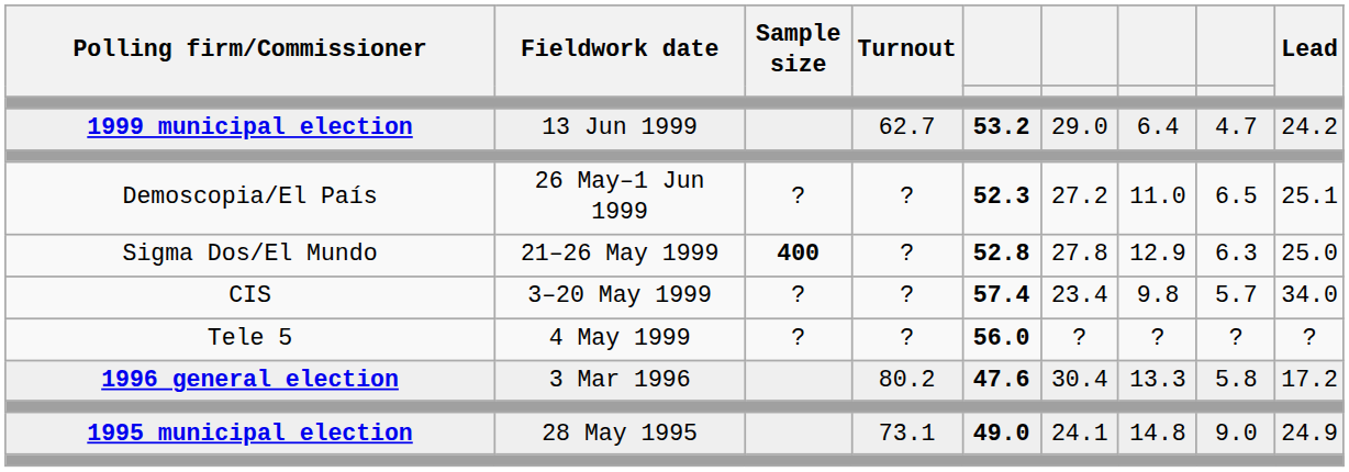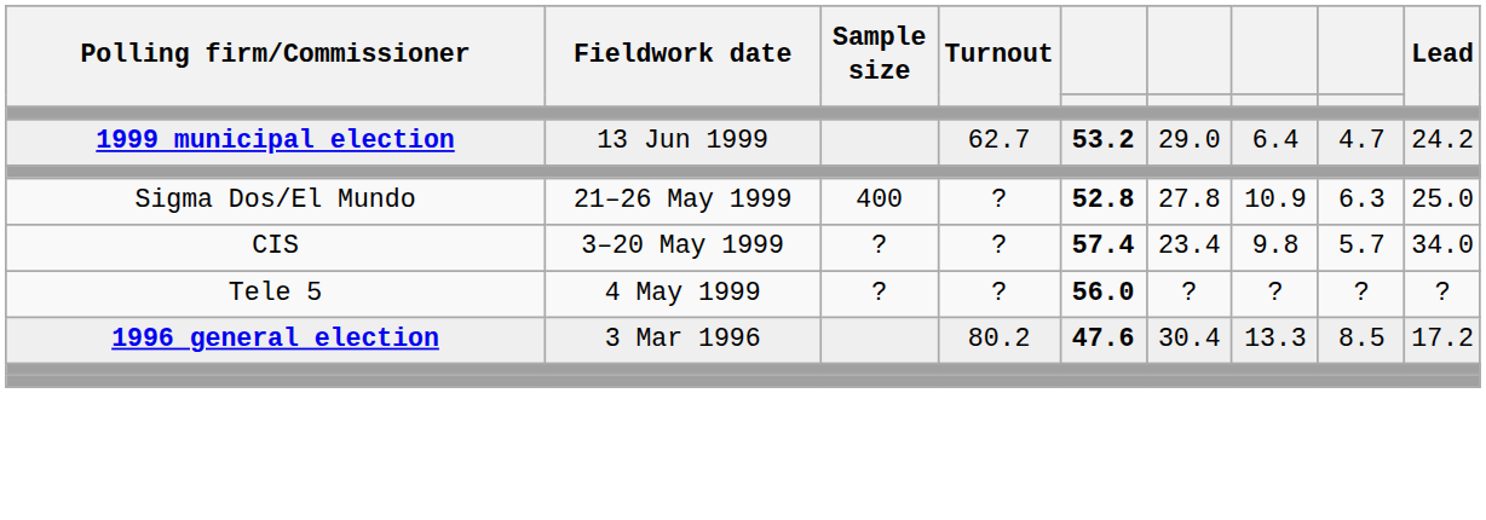 <table class="wikitable collapsible collapsed" style="text-align:center; font-size:95%; line-height:16px;">
 <tr style="height:42px;">
 <th style="width:250px;" rowspan="2">Polling firm/Commissioner</th>
 <th style="width:125px;" rowspan="2">Fieldwork date</th>
 <th style="width:50px;" rowspan="2">Sample size</th>
 <th style="width:45px;" rowspan="2">Turnout</th>
 <th style="width:35px;"></th>
 <th style="width:35px;"></th>
 <th style="width:35px;"></th>
 <th style="width:35px;"></th>
 <th style="width:30px;" rowspan="2">Lead</th>
 </tr>
 <tr>
 <th style="color:inherit;background:"></th>
 <th style="color:inherit;background:"></th>
 <th style="color:inherit;background:"></th>
 <th style="color:inherit;background:"></th>
 </tr>
 <tr>
 <td colspan="9" style="background:#A0A0A0"></td>
 </tr>
 <tr style="background:#EFEFEF;">
 <td><strong><a href='#'>1999 municipal election</a></strong></td>
 <td>13 Jun 1999</td>
 <td></td>
 <td>62.7</td>
 <td><strong>53.2</strong><br></td>
 <td>29.0<br></td>
 <td>6.4<br></td>
 <td>4.7<br></td>
 <td style="background:">24.2</td>
 </tr>
 <tr>
 <td colspan="9" style="background:#A0A0A0"></td>
 </tr>
 <tr>
-<td>Demoscopia/El País</td>
-<td>26 May–1 Jun 1999</td>
-<td>?</td>
-<td>?</td>
-<td><strong>52.3</strong><br></td>
-<td>27.2<br></td>
-<td>11.0<br></td>
-<td>6.5<br></td>
-<td style="background:">25.1</td>
-</tr>
-<tr>
 <td>Sigma Dos/El Mundo</td>
 <td>21–26 May 1999</td>
-<td><strong>400</strong></td>
+<td>400</td>
 <td>?</td>
 <td><strong>52.8</strong><br></td>
 <td>27.8<br></td>
-<td>12.9<br></td>
+<td>10.9<br></td>
 <td>6.3<br></td>
 <td style="background:">25.0</td>
 </tr>
 <tr>
 <td>CIS</td>
 <td>3–20 May 1999</td>
 <td>?</td>
 <td>?</td>
 <td><strong>57.4</strong><br></td>
 <td>23.4<br></td>
 <td>9.8<br></td>
 <td>5.7<br></td>
 <td style="background:">34.0</td>
 </tr>
 <tr>
 <td>Tele 5</td>
 <td>4 May 1999</td>
 <td>?</td>
 <td>?</td>
 <td><strong>56.0</strong><br></td>
 <td>?<br></td>
 <td>?<br></td>
 <td>?<br></td>
 <td style="background:">?</td>
 </tr>
 <tr style="background:#EFEFEF;">
 <td><strong><a href='#'>1996 general election</a></strong></td>
 <td>3 Mar 1996</td>
 <td></td>
 <td>80.2</td>
 <td><strong>47.6</strong><br></td>
 <td>30.4<br></td>
 <td>13.3<br></td>
-<td>5.8<br></td>
+<td>8.5<br></td>
 <td style="background:">17.2</td>
 </tr>
 <tr>
 <td colspan="9" style="background:#A0A0A0"></td>
 </tr>
-<tr style="background:#EFEFEF;">
-<td><strong><a href='#'>1995 municipal election</a></strong></td>
-<td>28 May 1995</td>
-<td></td>
-<td>73.1</td>
-<td><strong>49.0</strong><br></td>
-<td>24.1<br></td>
-<td>14.8<br></td>
-<td>9.0<br></td>
-<td style="background:">24.9</td>
-</tr>
 <tr>
 <td colspan="9" style="background:#A0A0A0"></td>
 </tr>
 </table>
